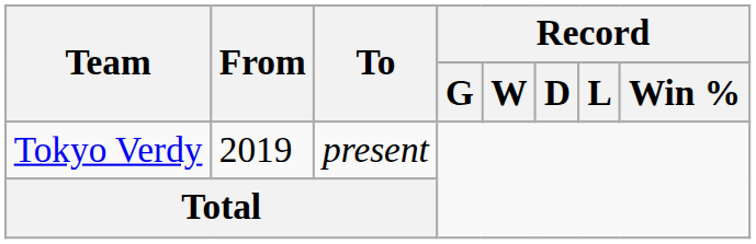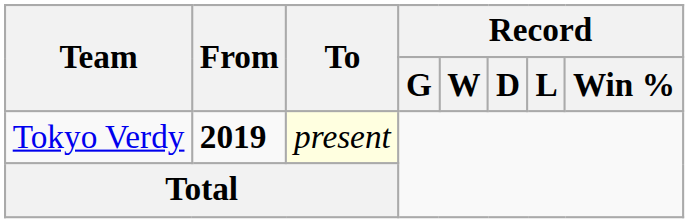 <table class="wikitable" style="text-align: center">
 <tr>
 <th rowspan="2">Team</th>
 <th rowspan="2">From</th>
 <th rowspan="2">To</th>
 <th colspan="5">Record</th>
 </tr>
 <tr>
 <th>G</th>
 <th>W</th>
 <th>D</th>
 <th>L</th>
 <th>Win %</th>
 </tr>
 <tr>
 <td align="left"><a href='#'>Tokyo Verdy</a></td>
-<td align="left">2019</td>
-<td align="left"><em>present</em><br></td>
+<td align="left"><strong>2019</strong></td>
+<td align="left" style="background: lightyellow;"><em>present</em><br></td>
 </tr>
 <tr>
 <th colspan="3">Total<br></th>
 </tr>
 </table>
